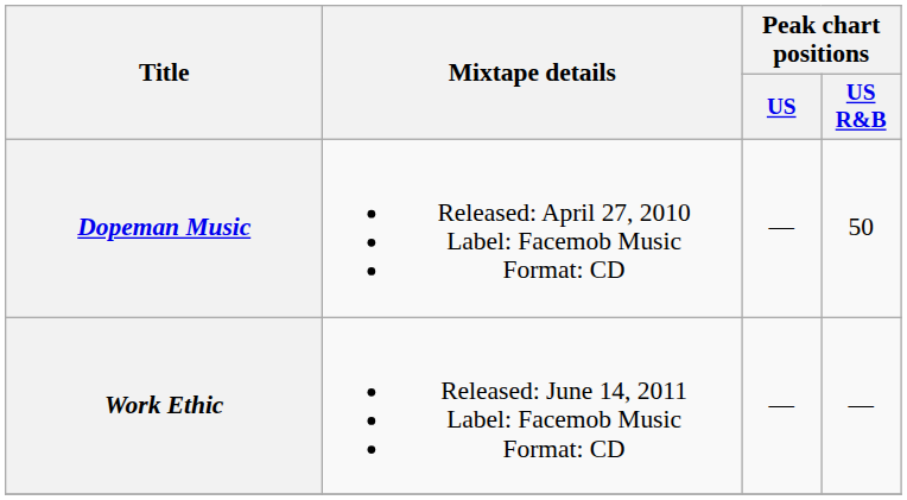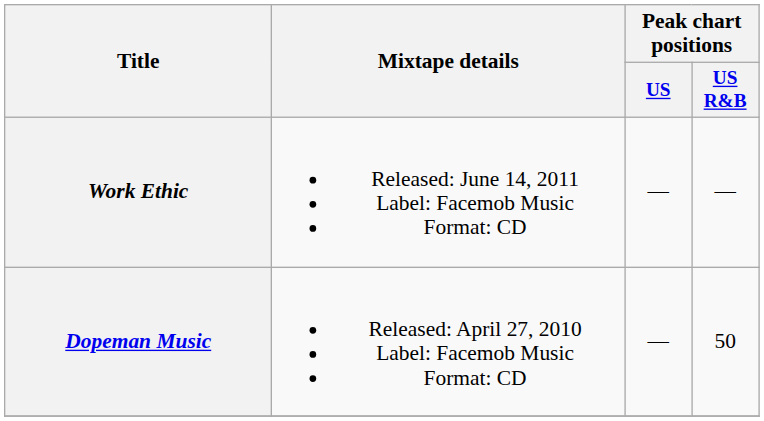 <table class="wikitable plainrowheaders" style="text-align:center;">
 <tr>
 <th scope="col" rowspan="2" style="width:12em;">Title</th>
 <th scope="col" rowspan="2" style="width:16em;">Mixtape details</th>
 <th scope="col" colspan="2">Peak chart positions</th>
 </tr>
 <tr>
 <th scope="col" style="width:3em;font-size:90%;"><a href='#'>US</a></th>
 <th scope="col" style="width:3em;font-size:90%;"><a href='#'>US R&B</a></th>
 </tr>
 <tr>
+<th scope="row"><em>Work Ethic</em></th>
+<td><br><ul><li>Released: June 14, 2011</li><li>Label: Facemob Music</li><li>Format: CD</li></ul></td>
+<td>—</td>
+<td>—</td>
+</tr>
+<tr>
 <th scope="row"><em><a href='#'>Dopeman Music</a></em></th>
 <td><br><ul><li>Released: April 27, 2010</li><li>Label: Facemob Music</li><li>Format: CD</li></ul></td>
 <td>—</td>
 <td>50</td>
 </tr>
 <tr>
-<th scope="row"><em>Work Ethic</em></th>
-<td><br><ul><li>Released: June 14, 2011</li><li>Label: Facemob Music</li><li>Format: CD</li></ul></td>
-<td>—</td>
-<td>—</td>
-</tr>
-<tr>
 </tr>
 </table>
